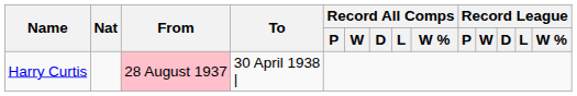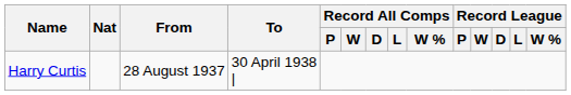 <table class="wikitable" style="text-align: center">
 <tr>
 <th rowspan="2">Name</th>
 <th rowspan="2">Nat</th>
 <th rowspan="2">From</th>
 <th rowspan="2">To</th>
 <th colspan="5">Record All Comps</th>
 <th colspan="5">Record League</th>
 </tr>
 <tr>
 <th>P</th>
 <th>W</th>
 <th>D</th>
 <th>L</th>
 <th>W %</th>
 <th>P</th>
 <th>W</th>
 <th>D</th>
 <th>L</th>
 <th>W %</th>
 </tr>
 <tr>
 <td align=left><a href='#'>Harry Curtis</a></td>
 <td></td>
-<td align=left style="background: pink;">28 August 1937</td>
+<td align=left>28 August 1937</td>
 <td align=left>30 April 1938<br>|</td>
 </tr>
 </table>
